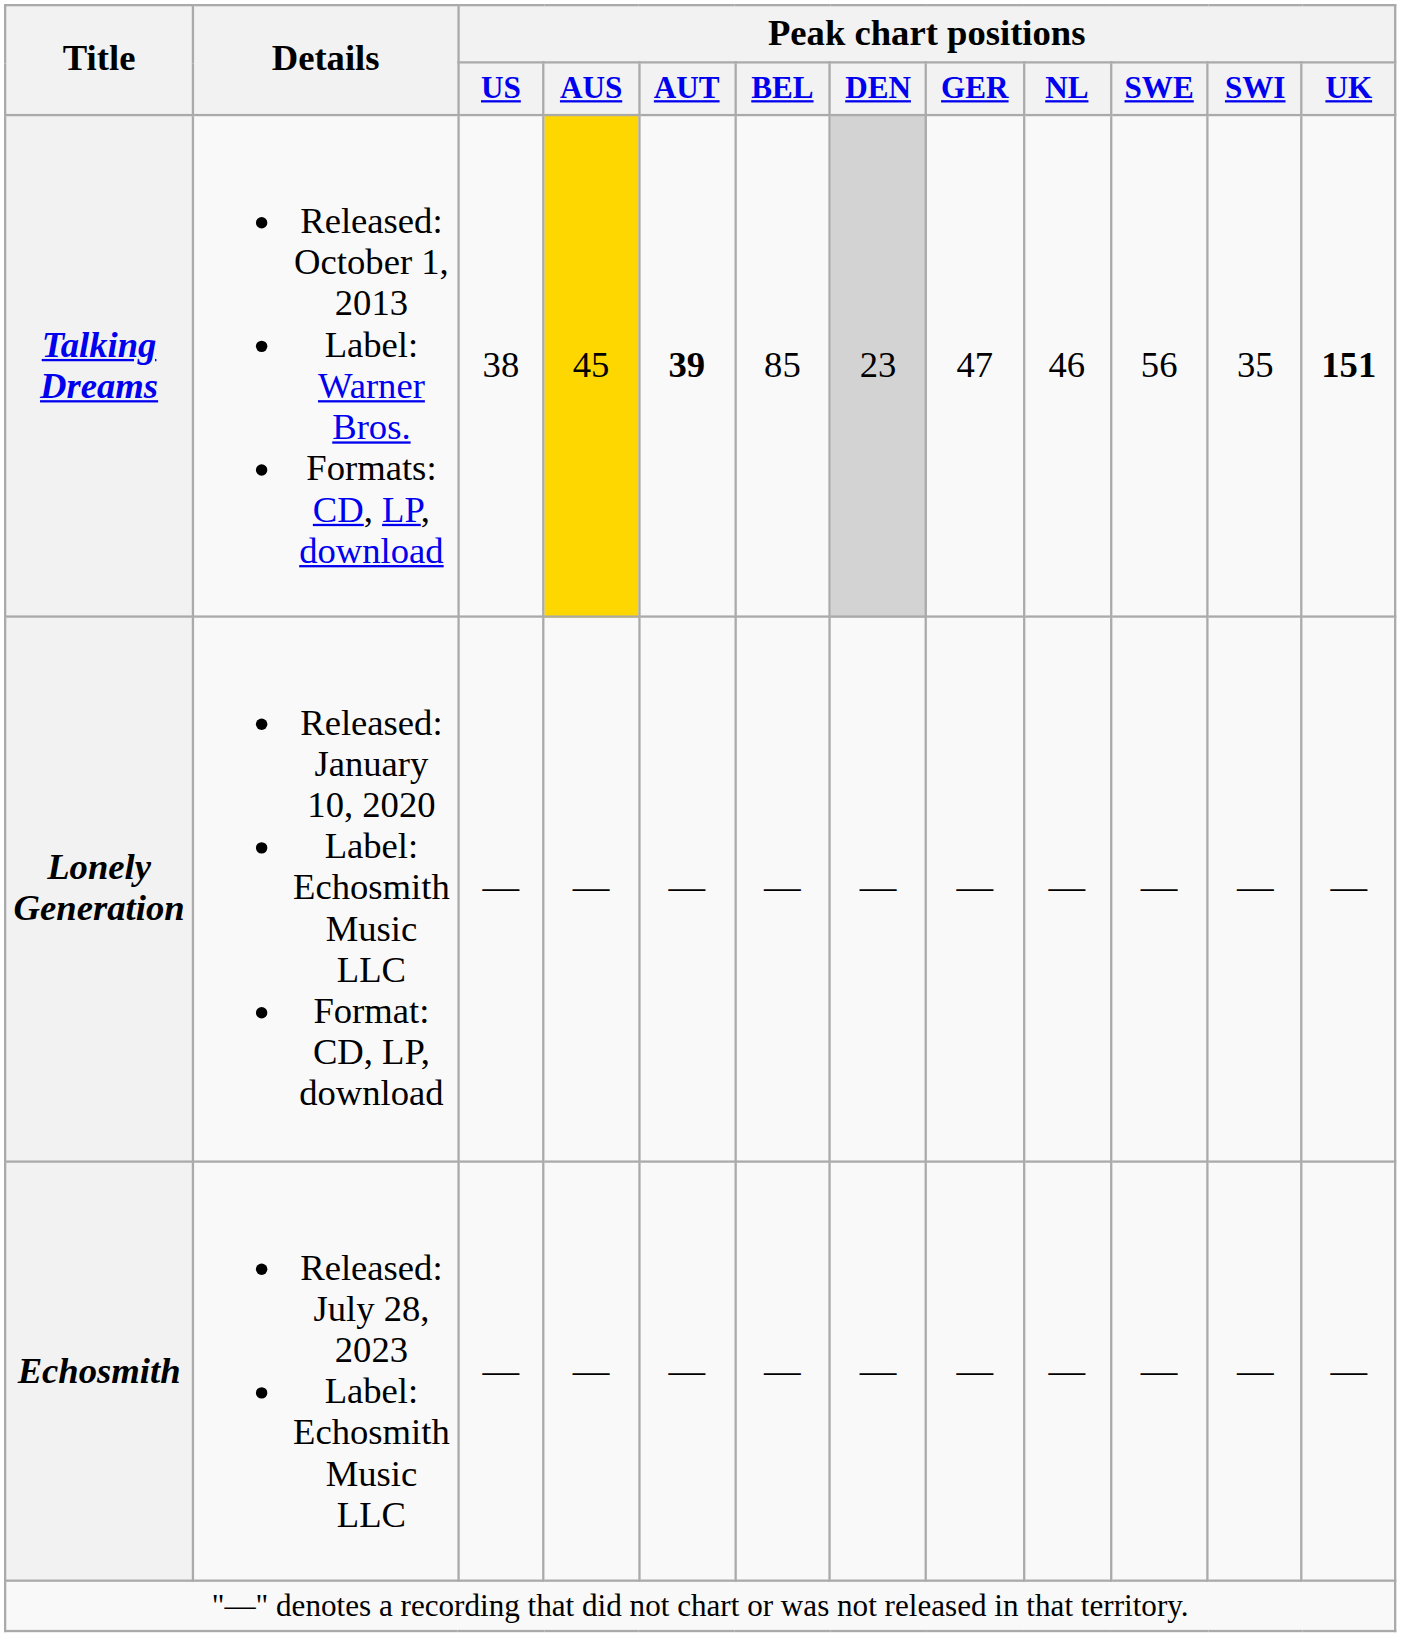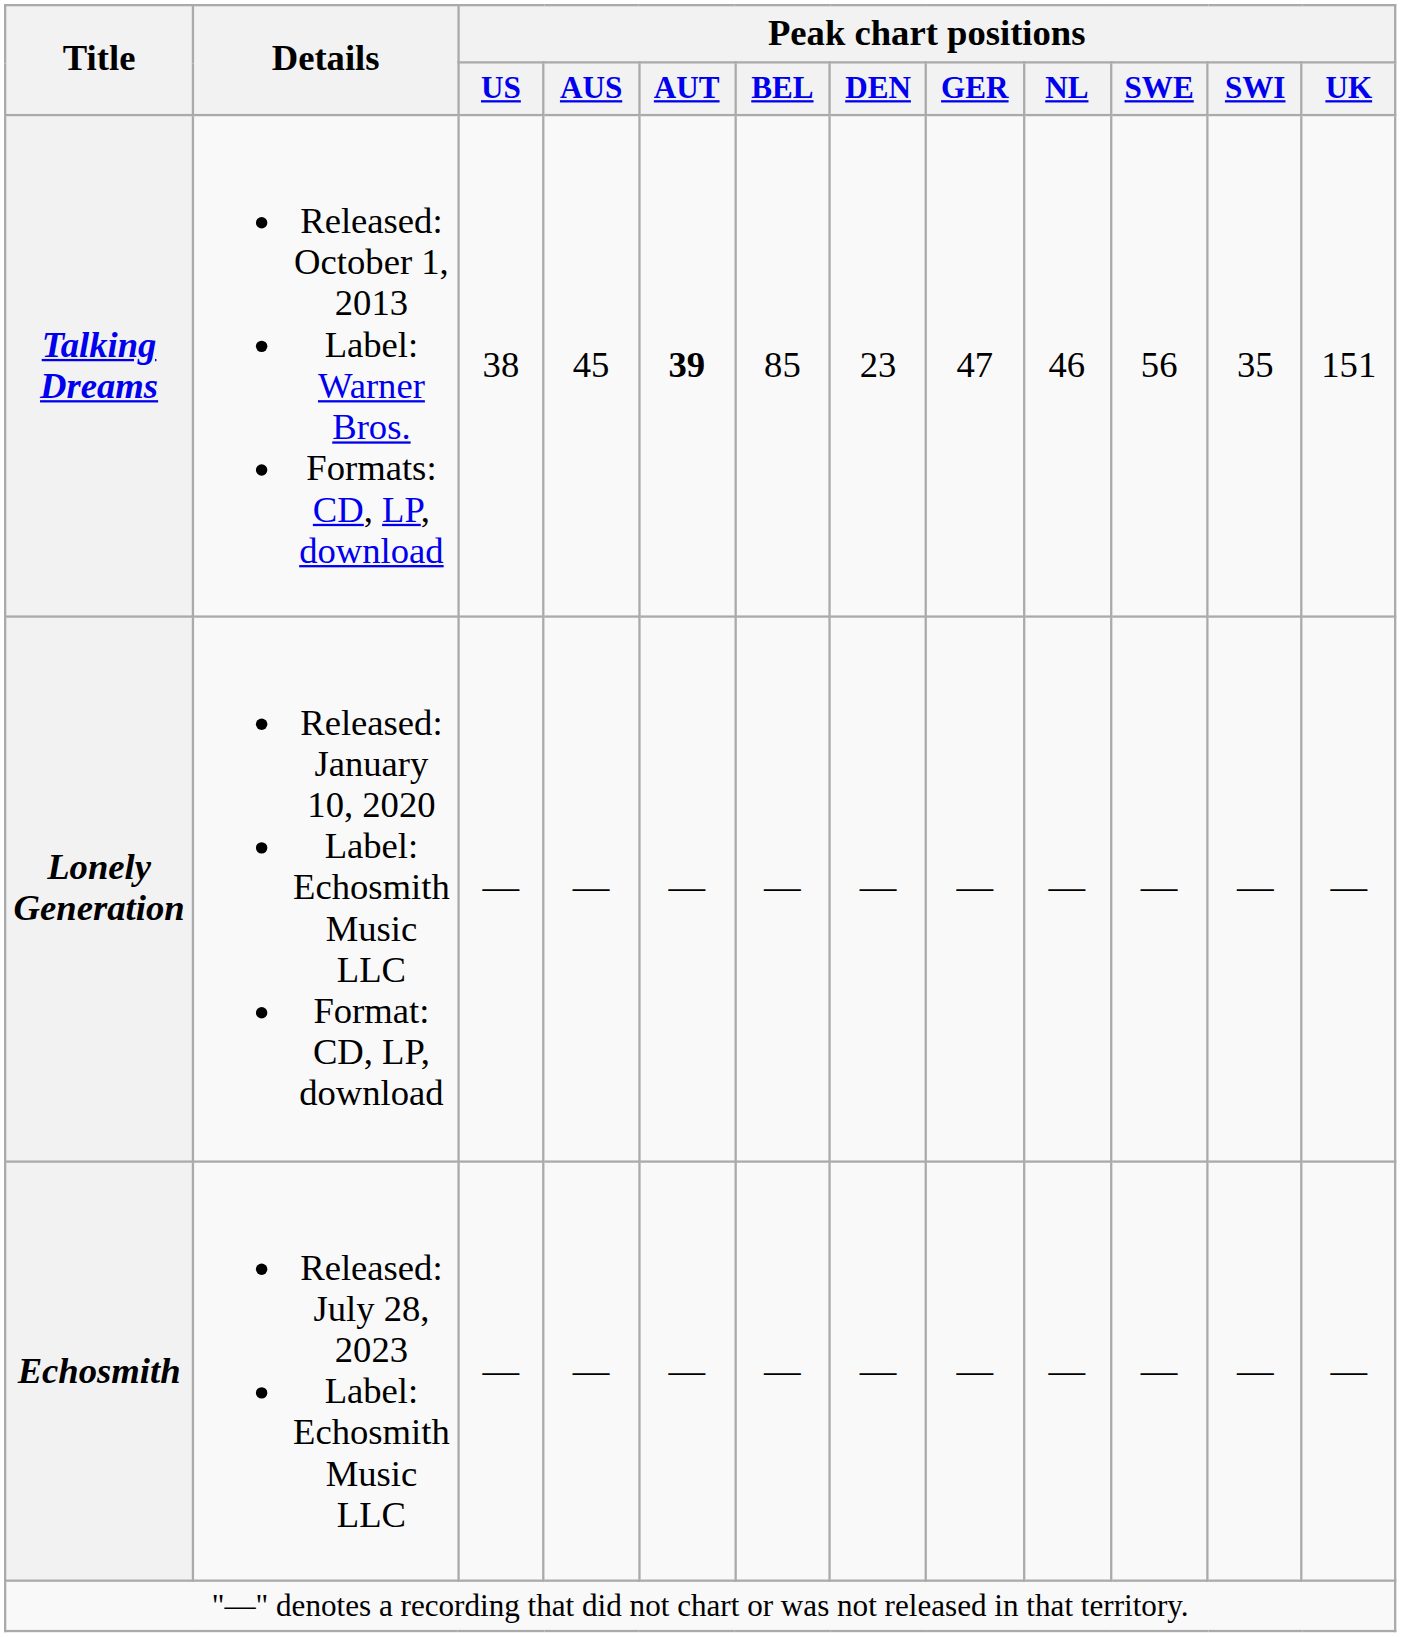 <table class="wikitable plainrowheaders" style="text-align:center;" border="1">
 <tr>
 <th scope="col" rowspan="2">Title</th>
 <th scope="col" rowspan="2">Details</th>
 <th scope="col" colspan="10">Peak chart positions</th>
 </tr>
 <tr>
 <th scope="col" style="width:3em;font-size:85%;"><a href='#'>US</a><br></th>
 <th scope="col" style="width:3em;font-size:85%;"><a href='#'>AUS</a><br></th>
 <th scope="col" style="width:3em;font-size:85%;"><a href='#'>AUT</a><br></th>
 <th scope="col" style="width:3em;font-size:85%;"><a href='#'>BEL</a><br></th>
 <th scope="col" style="width:3em;font-size:85%;"><a href='#'>DEN</a><br></th>
 <th scope="col" style="width:3em;font-size:85%;"><a href='#'>GER</a><br></th>
 <th scope="col" style="width:3em;font-size:85%;"><a href='#'>NL</a><br></th>
 <th scope="col" style="width:3em;font-size:85%;"><a href='#'>SWE</a><br></th>
 <th scope="col" style="width:3em;font-size:85%;"><a href='#'>SWI</a><br></th>
 <th scope="col" style="width:3em;font-size:85%;"><a href='#'>UK</a><br></th>
 </tr>
 <tr>
 <th scope="row"><em><a href='#'>Talking Dreams</a></em></th>
 <td><br><ul><li>Released: October 1, 2013</li><li>Label: <a href='#'>Warner Bros.</a></li><li>Formats: <a href='#'>CD</a>, <a href='#'>LP</a>, <a href='#'>download</a></li></ul></td>
 <td>38</td>
-<td style="background: gold;">45</td>
+<td>45</td>
 <td><strong>39</strong></td>
 <td>85</td>
-<td style="background: lightgrey;">23</td>
+<td>23</td>
 <td>47</td>
 <td>46</td>
 <td>56</td>
 <td>35</td>
-<td><strong>151</strong></td>
+<td>151</td>
 </tr>
 <tr>
 <th scope="row"><em>Lonely Generation</em></th>
 <td><br><ul><li>Released: January 10, 2020</li><li>Label: Echosmith Music LLC</li><li>Format: CD, LP, download</li></ul></td>
 <td>—</td>
 <td>—</td>
 <td>—</td>
 <td>—</td>
 <td>—</td>
 <td>—</td>
 <td>—</td>
 <td>—</td>
 <td>—</td>
 <td>—</td>
 </tr>
 <tr>
 <th scope="row"><em>Echosmith</em></th>
 <td><br><ul><li>Released: July 28, 2023</li><li>Label: Echosmith Music LLC</li></ul></td>
 <td>—</td>
 <td>—</td>
 <td>—</td>
 <td>—</td>
 <td>—</td>
 <td>—</td>
 <td>—</td>
 <td>—</td>
 <td>—</td>
 <td>—</td>
 </tr>
 <tr>
 <td colspan="20" style="text-align:center; font-size:85%;">"—" denotes a recording that did not chart or was not released in that territory.</td>
 </tr>
 </table>
